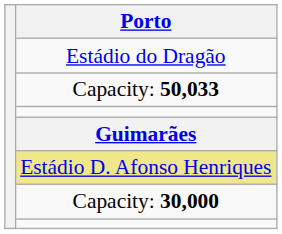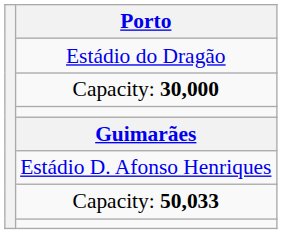 <table class="wikitable" style="text-align:center; margin-left:auto; margin-right:auto; border:none;">
 <tr>
 <th rowspan="8"></th>
 <th><a href='#'>Porto</a></th>
 </tr>
 <tr>
 <td><a href='#'>Estádio do Dragão</a></td>
 </tr>
 <tr>
-<td>Capacity: <strong>50,033</strong></td>
+<td>Capacity: <strong>30,000</strong></td>
 </tr>
 <tr>
 <td></td>
 </tr>
 <tr>
 <th><a href='#'>Guimarães</a></th>
 </tr>
 <tr>
-<td style="background: khaki;"><a href='#'>Estádio D. Afonso Henriques</a></td>
+<td><a href='#'>Estádio D. Afonso Henriques</a></td>
 </tr>
 <tr>
-<td>Capacity: <strong>30,000</strong></td>
+<td>Capacity: <strong>50,033</strong></td>
 </tr>
 <tr>
 <td></td>
 </tr>
 </table>
